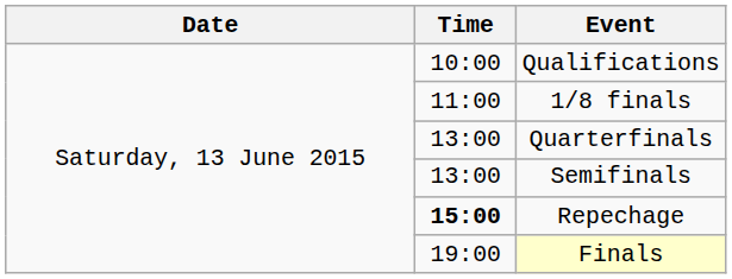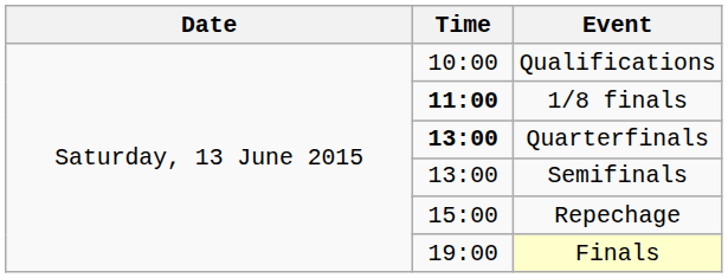 <table class = "wikitable" style="text-align:center;">
 <tr>
 <th width=220>Date</th>
 <th width=50>Time</th>
 <th width=100>Event</th>
 </tr>
 <tr>
 <td rowspan=6>Saturday, 13 June 2015</td>
 <td>10:00</td>
 <td>Qualifications</td>
 </tr>
 <tr>
-<td>11:00</td>
+<td><strong>11:00</strong></td>
 <td>1/8 finals</td>
 </tr>
 <tr>
-<td>13:00</td>
+<td><strong>13:00</strong></td>
 <td>Quarterfinals</td>
 </tr>
 <tr>
 <td>13:00</td>
 <td>Semifinals</td>
 </tr>
 <tr>
-<td><strong>15:00</strong></td>
+<td>15:00</td>
 <td>Repechage</td>
 </tr>
 <tr>
 <td>19:00</td>
 <td style="background:#ffc;">Finals</td>
 </tr>
 </table>
